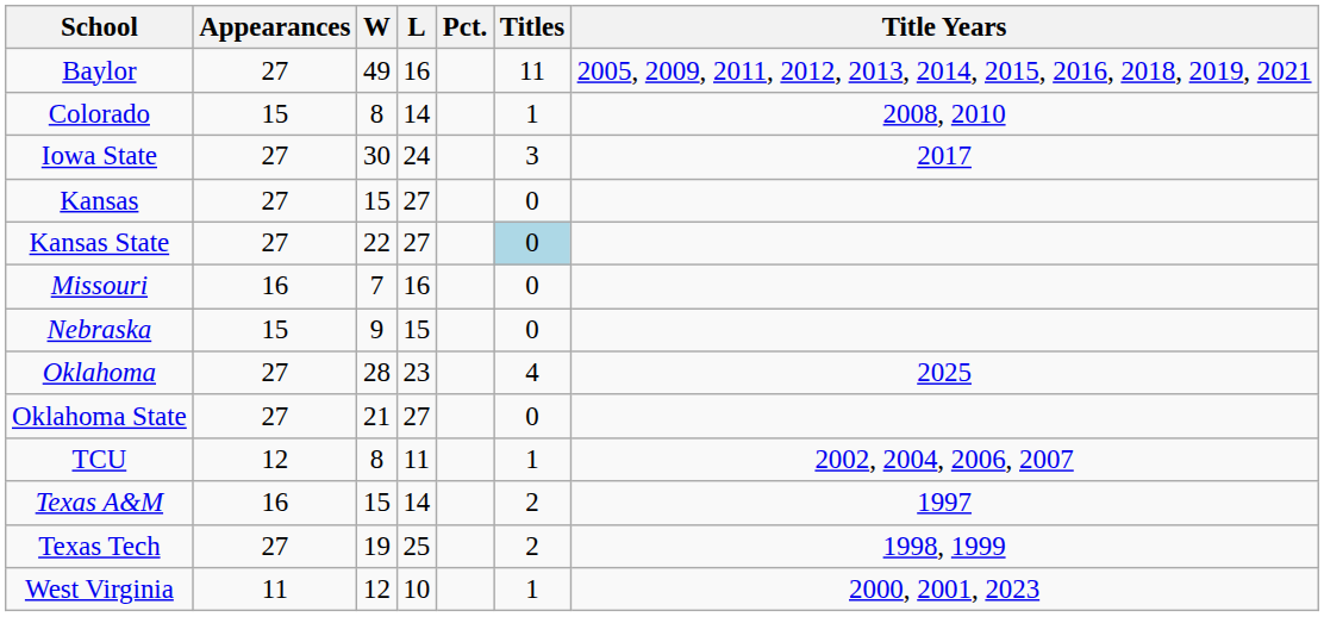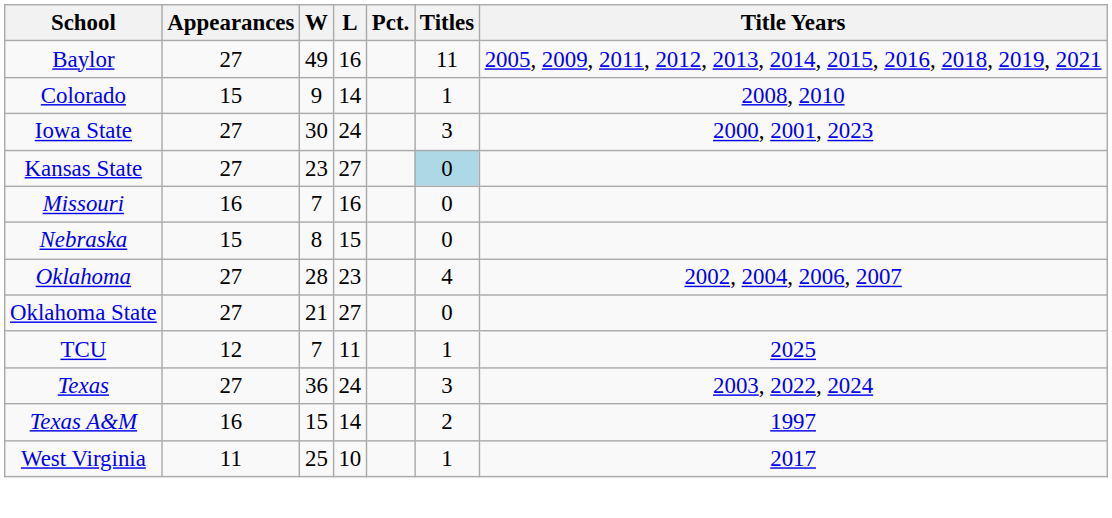 <table class="wikitable sortable" style="text-align:center">
 <tr>
 <th width=px>School</th>
 <th width=px>Appearances</th>
 <th width=px>W</th>
 <th width=px>L</th>
 <th width=px>Pct.</th>
 <th width=px>Titles</th>
 <th width=px>Title Years</th>
 </tr>
 <tr>
 <td><a href='#'>Baylor</a></td>
 <td>27</td>
 <td>49</td>
 <td>16</td>
 <td></td>
 <td>11</td>
 <td><a href='#'>2005</a>, <a href='#'>2009</a>, <a href='#'>2011</a>, <a href='#'>2012</a>, <a href='#'>2013</a>, <a href='#'>2014</a>, <a href='#'>2015</a>, <a href='#'>2016</a>, <a href='#'>2018</a>, <a href='#'>2019</a>, <a href='#'>2021</a></td>
 </tr>
 <tr>
 <td><a href='#'>Colorado</a></td>
 <td>15</td>
-<td>8</td>
+<td>9</td>
 <td>14</td>
 <td></td>
 <td>1</td>
 <td><a href='#'>2008</a>, <a href='#'>2010</a></td>
 </tr>
 <tr>
 <td><a href='#'>Iowa State</a></td>
 <td>27</td>
 <td>30</td>
 <td>24</td>
 <td></td>
 <td>3</td>
-<td><a href='#'>2017</a></td>
-</tr>
-<tr>
-<td><a href='#'>Kansas</a></td>
-<td>27</td>
-<td>15</td>
-<td>27</td>
-<td></td>
-<td>0</td>
-<td></td>
+<td><a href='#'>2000</a>, <a href='#'>2001</a>, <a href='#'>2023</a></td>
 </tr>
 <tr>
 <td><a href='#'>Kansas State</a></td>
 <td>27</td>
-<td>22</td>
+<td>23</td>
 <td>27</td>
 <td></td>
 <td style="background: lightblue;">0</td>
 <td></td>
 </tr>
 <tr>
 <td><em><a href='#'>Missouri</a></em></td>
 <td>16</td>
 <td>7</td>
 <td>16</td>
 <td></td>
 <td>0</td>
 <td></td>
 </tr>
 <tr>
 <td><em><a href='#'>Nebraska</a></em></td>
 <td>15</td>
-<td>9</td>
+<td>8</td>
 <td>15</td>
 <td></td>
 <td>0</td>
 <td></td>
 </tr>
 <tr>
 <td><em><a href='#'>Oklahoma</a></em></td>
 <td>27</td>
 <td>28</td>
 <td>23</td>
 <td></td>
 <td>4</td>
-<td><a href='#'>2025</a></td>
+<td><a href='#'>2002</a>, <a href='#'>2004</a>, <a href='#'>2006</a>, <a href='#'>2007</a></td>
 </tr>
 <tr>
 <td><a href='#'>Oklahoma State</a></td>
 <td>27</td>
 <td>21</td>
 <td>27</td>
 <td></td>
 <td>0</td>
 <td></td>
 </tr>
 <tr>
 <td><a href='#'>TCU</a></td>
 <td>12</td>
-<td>8</td>
+<td>7</td>
 <td>11</td>
 <td></td>
 <td>1</td>
-<td><a href='#'>2002</a>, <a href='#'>2004</a>, <a href='#'>2006</a>, <a href='#'>2007</a></td>
+<td><a href='#'>2025</a></td>
+</tr>
+<tr>
+<td><em><a href='#'>Texas</a></em></td>
+<td>27</td>
+<td>36</td>
+<td>24</td>
+<td></td>
+<td>3</td>
+<td><a href='#'>2003</a>, <a href='#'>2022</a>, <a href='#'>2024</a></td>
 </tr>
 <tr>
 <td><em><a href='#'>Texas A&M</a></em></td>
 <td>16</td>
 <td>15</td>
 <td>14</td>
 <td></td>
 <td>2</td>
 <td><a href='#'>1997</a></td>
 </tr>
 <tr>
-<td><a href='#'>Texas Tech</a></td>
-<td>27</td>
-<td>19</td>
-<td>25</td>
-<td></td>
-<td>2</td>
-<td><a href='#'>1998</a>, <a href='#'>1999</a></td>
-</tr>
-<tr>
 <td><a href='#'>West Virginia</a></td>
 <td>11</td>
-<td>12</td>
+<td>25</td>
 <td>10</td>
 <td></td>
 <td>1</td>
-<td><a href='#'>2000</a>, <a href='#'>2001</a>, <a href='#'>2023</a></td>
+<td><a href='#'>2017</a></td>
 </tr>
 </table>
